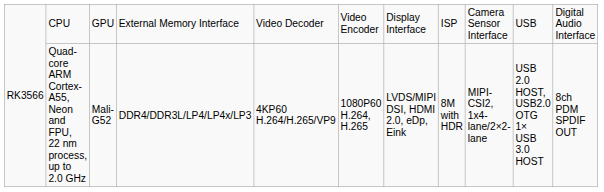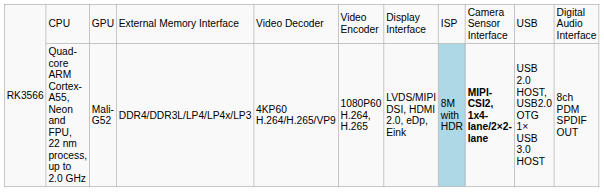 <table class="wikitable">
 <tr>
 <td rowspan="2">RK3566</td>
 <td>CPU</td>
 <td>GPU</td>
 <td>External Memory Interface</td>
 <td>Video Decoder</td>
 <td>Video Encoder</td>
 <td>Display Interface</td>
 <td>ISP</td>
 <td>Camera Sensor Interface</td>
 <td>USB</td>
 <td>Digital Audio Interface</td>
 </tr>
 <tr>
 <td>Quad-core ARM Cortex-A55, Neon and FPU, 22 nm process, up to 2.0 GHz</td>
 <td>Mali-G52</td>
 <td>DDR4/DDR3L/LP4/LP4x/LP3</td>
 <td>4KP60 H.264/H.265/VP9</td>
 <td>1080P60 H.264, H.265</td>
 <td>LVDS/MIPI DSI, HDMI 2.0, eDp, Eink</td>
-<td>8M with HDR</td>
-<td>MIPI-CSI2, 1x4-lane/2×2-lane</td>
+<td style="background: lightblue;">8M with HDR</td>
+<td><strong>MIPI-CSI2, 1x4-lane/2×2-lane</strong></td>
 <td>USB 2.0 HOST, USB2.0 OTG<br>1× USB 3.0 HOST</td>
 <td>8ch PDM<br>SPDIF OUT</td>
 </tr>
 </table>
